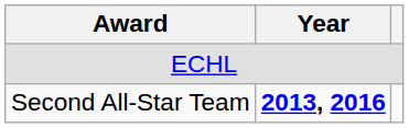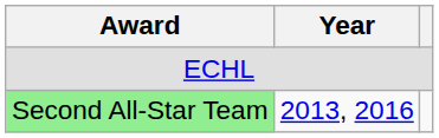 <table class="wikitable">
 <tr>
 <th>Award</th>
 <th>Year</th>
 <th></th>
 </tr>
 <tr ALIGN="center" bgcolor="#e0e0e0">
 <td colspan="3"><a href='#'>ECHL</a></td>
 </tr>
 <tr>
-<td>Second All-Star Team</td>
-<td><strong><a href='#'>2013</a>, <a href='#'>2016</a></strong></td>
+<td style="background: lightgreen;">Second All-Star Team</td>
+<td><a href='#'>2013</a>, <a href='#'>2016</a></td>
 <td></td>
 </tr>
 </table>
